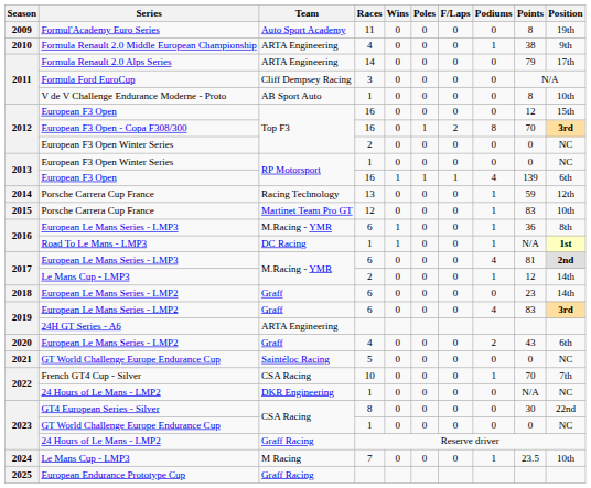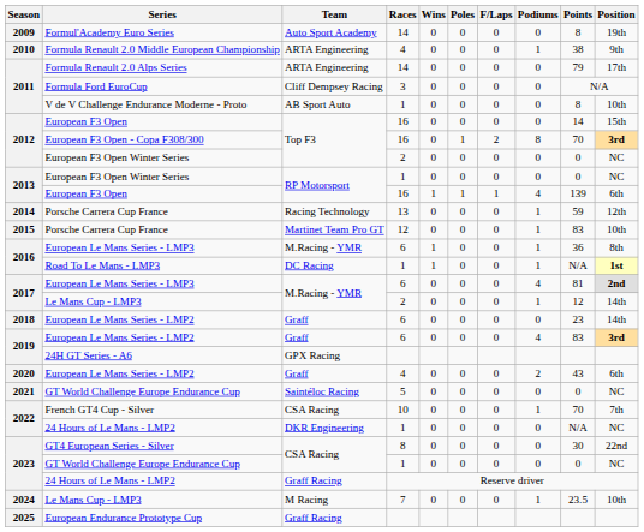 <table class="wikitable" style="font-size: 90%; text-align:center">
 <tr>
 <th>Season</th>
 <th>Series</th>
 <th>Team</th>
 <th>Races</th>
 <th>Wins</th>
 <th>Poles</th>
 <th>F/Laps</th>
 <th>Podiums</th>
 <th>Points</th>
 <th>Position</th>
 </tr>
 <tr>
 <th>2009</th>
 <td align="left"><a href='#'>Formul'Academy Euro Series</a></td>
 <td align=left><a href='#'>Auto Sport Academy</a></td>
-<td>11</td>
+<td>14</td>
 <td>0</td>
 <td>0</td>
 <td>0</td>
 <td>0</td>
 <td>8</td>
 <td>19th</td>
 </tr>
 <tr>
 <th>2010</th>
 <td align="left"><a href='#'>Formula Renault 2.0 Middle European Championship</a></td>
 <td align=left>ARTA Engineering</td>
 <td>4</td>
 <td>0</td>
 <td>0</td>
 <td>0</td>
 <td>1</td>
 <td>38</td>
 <td>9th</td>
 </tr>
 <tr>
 <th rowspan="3">2011</th>
 <td align="left"><a href='#'>Formula Renault 2.0 Alps Series</a></td>
 <td align=left>ARTA Engineering</td>
 <td>14</td>
 <td>0</td>
 <td>0</td>
 <td>0</td>
 <td>0</td>
 <td>79</td>
 <td>17th</td>
 </tr>
 <tr>
 <td align=left><a href='#'>Formula Ford EuroCup</a></td>
 <td align=left>Cliff Dempsey Racing</td>
 <td>3</td>
 <td>0</td>
 <td>0</td>
 <td>0</td>
 <td>0</td>
 <td colspan="2">N/A</td>
 </tr>
 <tr>
 <td align=left>V de V Challenge Endurance Moderne - Proto</td>
 <td align=left>AB Sport Auto</td>
 <td>1</td>
 <td>0</td>
 <td>0</td>
 <td>0</td>
 <td>0</td>
 <td>8</td>
 <td>10th</td>
 </tr>
 <tr>
 <th rowspan="3">2012</th>
 <td align="left"><a href='#'>European F3 Open</a></td>
 <td rowspan="3" align=left>Top F3</td>
 <td>16</td>
 <td>0</td>
 <td>0</td>
 <td>0</td>
 <td>0</td>
-<td>12</td>
+<td>14</td>
 <td>15th</td>
 </tr>
 <tr>
 <td align=left><a href='#'>European F3 Open - Copa F308/300</a></td>
 <td>16</td>
 <td>0</td>
 <td>1</td>
 <td>2</td>
 <td>8</td>
 <td>70</td>
 <td bgcolor="FFDF9F"><strong>3rd</strong></td>
 </tr>
 <tr>
 <td align=left>European F3 Open Winter Series</td>
 <td>2</td>
 <td>0</td>
 <td>0</td>
 <td>0</td>
 <td>0</td>
 <td>0</td>
 <td>NC</td>
 </tr>
 <tr>
 <th rowspan="2">2013</th>
 <td align="left">European F3 Open Winter Series</td>
 <td rowspan="2" align=left><a href='#'>RP Motorsport</a></td>
 <td>1</td>
 <td>0</td>
 <td>0</td>
 <td>0</td>
 <td>0</td>
 <td>0</td>
 <td>NC</td>
 </tr>
 <tr>
 <td align=left><a href='#'>European F3 Open</a></td>
 <td>16</td>
 <td>1</td>
 <td>1</td>
 <td>1</td>
 <td>4</td>
 <td>139</td>
 <td>6th</td>
 </tr>
 <tr>
 <th>2014</th>
 <td align="left">Porsche Carrera Cup France</td>
 <td align=left>Racing Technology</td>
 <td>13</td>
 <td>0</td>
 <td>0</td>
 <td>0</td>
 <td>1</td>
 <td>59</td>
 <td>12th</td>
 </tr>
 <tr>
 <th>2015</th>
 <td align="left">Porsche Carrera Cup France</td>
 <td align=left><a href='#'>Martinet Team Pro GT</a></td>
 <td>12</td>
 <td>0</td>
 <td>0</td>
 <td>0</td>
 <td>1</td>
 <td>83</td>
 <td>10th</td>
 </tr>
 <tr>
 <th rowspan="2">2016</th>
 <td align="left"><a href='#'>European Le Mans Series - LMP3</a></td>
 <td align=left>M.Racing - <a href='#'>YMR</a></td>
 <td>6</td>
 <td>1</td>
 <td>0</td>
 <td>0</td>
 <td>1</td>
 <td>36</td>
 <td>8th</td>
 </tr>
 <tr>
 <td align=left><a href='#'>Road To Le Mans - LMP3</a></td>
 <td align=left><a href='#'>DC Racing</a></td>
 <td>1</td>
 <td>1</td>
 <td>0</td>
 <td>0</td>
 <td>1</td>
 <td>N/A</td>
 <td bgcolor="#FFFFBF"><strong>1st</strong></td>
 </tr>
 <tr>
 <th rowspan="2">2017</th>
 <td align="left"><a href='#'>European Le Mans Series - LMP3</a></td>
 <td rowspan="2" align=left>M.Racing - <a href='#'>YMR</a></td>
 <td>6</td>
 <td>0</td>
 <td>0</td>
 <td>0</td>
 <td>4</td>
 <td>81</td>
 <td bgcolor="#DFDFDF"><strong>2nd</strong></td>
 </tr>
 <tr>
 <td align=left><a href='#'>Le Mans Cup - LMP3</a></td>
 <td>2</td>
 <td>0</td>
 <td>0</td>
 <td>0</td>
 <td>1</td>
 <td>12</td>
 <td>14th</td>
 </tr>
 <tr>
 <th>2018</th>
 <td align=left><a href='#'>European Le Mans Series - LMP2</a></td>
 <td align=left><a href='#'>Graff</a></td>
 <td>6</td>
 <td>0</td>
 <td>0</td>
 <td>0</td>
 <td>0</td>
 <td>23</td>
 <td>14th</td>
 </tr>
 <tr>
 <th rowspan="2">2019</th>
 <td align=left><a href='#'>European Le Mans Series - LMP2</a></td>
 <td align=left><a href='#'>Graff</a></td>
 <td>6</td>
 <td>0</td>
 <td>0</td>
 <td>0</td>
 <td>4</td>
 <td>83</td>
 <td bgcolor="#FFDF9F"><strong>3rd</strong></td>
 </tr>
 <tr>
 <td align=left><a href='#'>24H GT Series - A6</a></td>
-<td align=left>ARTA Engineering</td>
+<td align=left>GPX Racing</td>
 <td></td>
 <td></td>
 <td></td>
 <td></td>
 <td></td>
 <td></td>
 <td></td>
 </tr>
 <tr>
 <th>2020</th>
 <td align=left><a href='#'>European Le Mans Series - LMP2</a></td>
 <td align=left><a href='#'>Graff</a></td>
 <td>4</td>
 <td>0</td>
 <td>0</td>
 <td>0</td>
 <td>2</td>
 <td>43</td>
 <td>6th</td>
 </tr>
 <tr>
 <th>2021</th>
 <td align=left><a href='#'>GT World Challenge Europe Endurance Cup</a></td>
 <td align=left><a href='#'>Saintéloc Racing</a></td>
 <td>5</td>
 <td>0</td>
 <td>0</td>
 <td>0</td>
 <td>0</td>
 <td>0</td>
 <td>NC</td>
 </tr>
 <tr>
 <th rowspan="2">2022</th>
 <td align=left>French GT4 Cup - Silver</td>
 <td align=left>CSA Racing</td>
 <td>10</td>
 <td>0</td>
 <td>0</td>
 <td>0</td>
 <td>1</td>
 <td>70</td>
 <td>7th</td>
 </tr>
 <tr>
 <td align=left><a href='#'>24 Hours of Le Mans - LMP2</a></td>
 <td align=left><a href='#'>DKR Engineering</a></td>
 <td>1</td>
 <td>0</td>
 <td>0</td>
 <td>0</td>
 <td>0</td>
 <td>N/A</td>
 <td>NC</td>
 </tr>
 <tr>
 <th rowspan="3">2023</th>
 <td align=left><a href='#'>GT4 European Series - Silver</a></td>
 <td rowspan="2" align="left">CSA Racing</td>
 <td>8</td>
 <td>0</td>
 <td>0</td>
 <td>0</td>
 <td>0</td>
 <td>30</td>
 <td>22nd</td>
 </tr>
 <tr>
 <td align=left><a href='#'>GT World Challenge Europe Endurance Cup</a></td>
 <td>1</td>
 <td>0</td>
 <td>0</td>
 <td>0</td>
 <td>0</td>
 <td>0</td>
 <td>NC</td>
 </tr>
 <tr>
 <td align=left><a href='#'>24 Hours of Le Mans - LMP2</a></td>
 <td align=left><a href='#'>Graff Racing</a></td>
 <td colspan=7>Reserve driver</td>
 </tr>
 <tr>
 <th>2024</th>
 <td align=left><a href='#'>Le Mans Cup - LMP3</a></td>
 <td align=left>M Racing</td>
 <td>7</td>
 <td>0</td>
 <td>0</td>
 <td>0</td>
 <td>1</td>
 <td>23.5</td>
 <td>10th</td>
 </tr>
 <tr>
 <th>2025</th>
 <td align=left><a href='#'>European Endurance Prototype Cup</a></td>
 <td align=left><a href='#'>Graff Racing</a></td>
 <td></td>
 <td></td>
 <td></td>
 <td></td>
 <td></td>
 <td></td>
 <td></td>
 </tr>
 </table>
